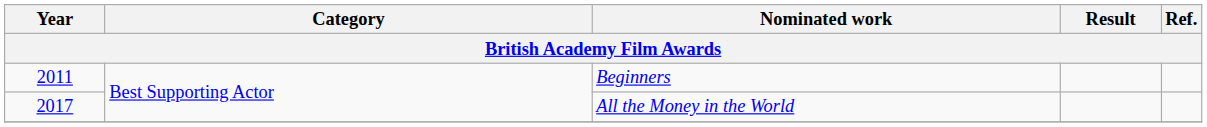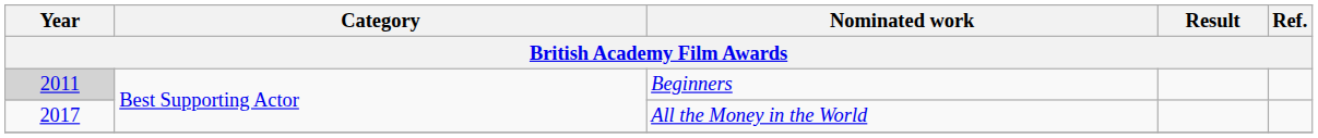 <table class=wikitable>
 <tr>
 <th scope="col" style="width:5em;">Year</th>
 <th scope="col" style="width:26em;">Category</th>
 <th scope="col" style="width:25em;">Nominated work</th>
 <th scope="col" style="width:5em;">Result</th>
 <th>Ref.</th>
 </tr>
 <tr>
 <th colspan=5><a href='#'>British Academy Film Awards</a></th>
 </tr>
 <tr>
-<td style="text-align:center;"><a href='#'>2011</a></td>
+<td style="background: lightgrey; text-align:center;"><a href='#'>2011</a></td>
 <td rowspan=2><a href='#'>Best Supporting Actor</a></td>
 <td><em><a href='#'>Beginners</a></em></td>
 <td></td>
 <td style="text-align:center;"></td>
 </tr>
 <tr>
 <td style="text-align:center;"><a href='#'>2017</a></td>
 <td><em><a href='#'>All the Money in the World</a></em></td>
 <td></td>
 <td style="text-align:center;"></td>
 </tr>
 <tr>
 </tr>
 </table>
